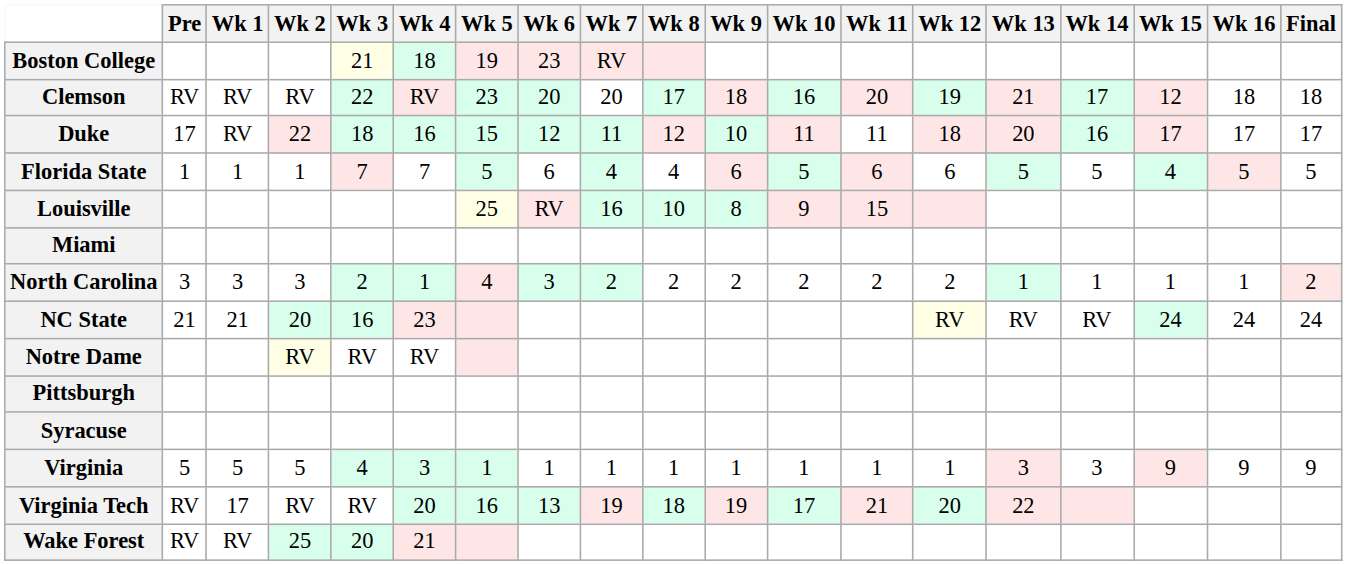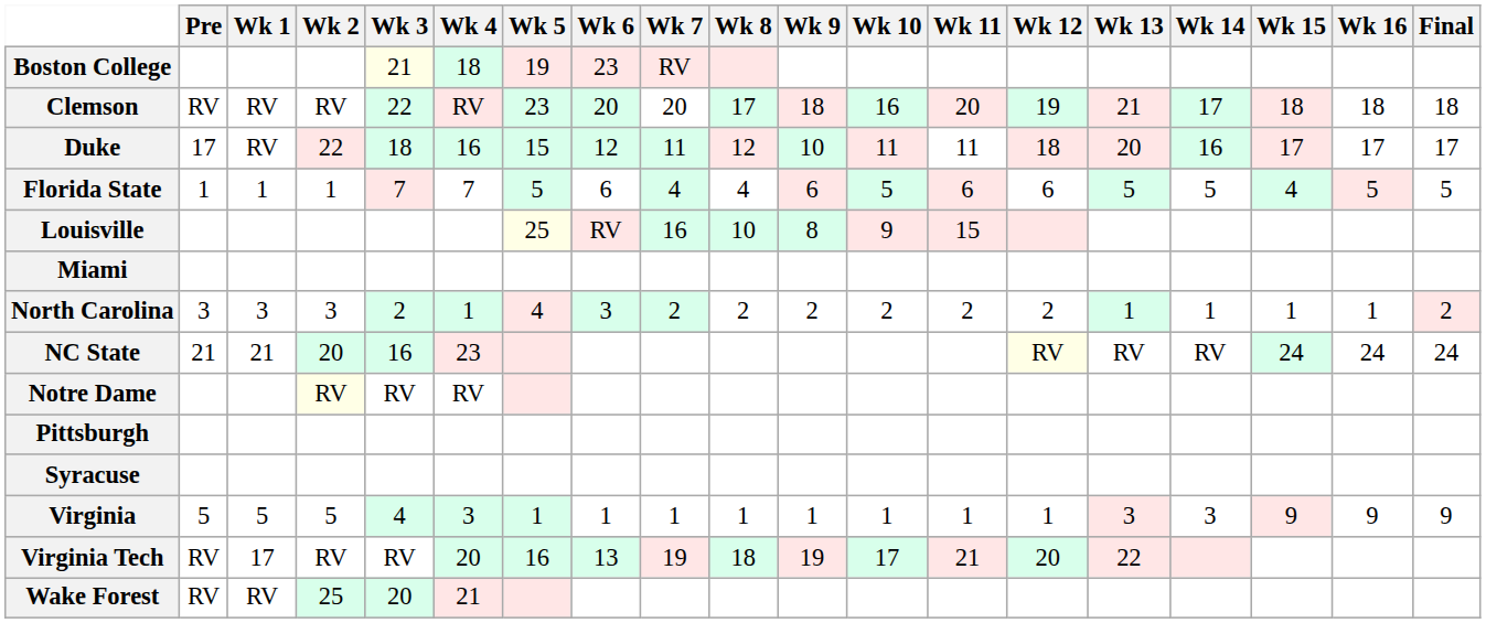 <table class="wikitable" style="white-space:nowrap;font-size:90%;">
 <tr>
 <th colspan=1 style="background:white; border-top-style:hidden; border-left-style:hidden;"> </th>
 <th>Pre <br></th>
 <th>Wk 1 <br></th>
 <th>Wk 2 <br></th>
 <th>Wk 3 <br></th>
 <th>Wk 4 <br></th>
 <th>Wk 5 <br></th>
 <th>Wk 6 <br></th>
 <th>Wk 7 <br></th>
 <th>Wk 8 <br></th>
 <th>Wk 9 <br></th>
 <th>Wk 10 <br></th>
 <th>Wk 11 <br></th>
 <th>Wk 12 <br></th>
 <th>Wk 13 <br></th>
 <th>Wk 14 <br></th>
 <th>Wk 15 <br></th>
 <th>Wk 16 <br></th>
 <th>Final <br></th>
 </tr>
 <tr style="text-align:center;">
 <th>Boston College</th>
 <td style="background:#FFF;"></td>
 <td style="background:#FFF;"></td>
 <td style="background:#FFF;"></td>
 <td style="background:#FFFFE6;"> 21</td>
 <td style="background:#D8FFEB;"> 18</td>
 <td style="background:#FFE6E6;"> 19</td>
 <td style="background:#FFE6E6;"> 23</td>
 <td style="background:#FFE6E6;"> RV</td>
 <td style="background:#FFE6E6;"></td>
 <td style="background:#FFF;"></td>
 <td style="background:#FFF;"></td>
 <td style="background:#FFF;"></td>
 <td style="background:#FFF;"></td>
 <td style="background:#FFF;"></td>
 <td style="background:#FFF;"></td>
 <td style="background:#FFF;"></td>
 <td style="background:#FFF;"></td>
 <td style="background:#FFF;"></td>
 </tr>
 <tr style="text-align:center;">
 <th>Clemson</th>
 <td style="background:#FFF;"> RV</td>
 <td style="background:#FFF;"> RV</td>
 <td style="background:#FFF;"> RV</td>
 <td style="background:#D8FFEB;"> 22</td>
 <td style="background:#FFE6E6;"> RV</td>
 <td style="background:#D8FFEB;"> 23</td>
 <td style="background:#D8FFEB;"> 20</td>
 <td style="background:#FFF;"> 20</td>
 <td style="background:#D8FFEB;"> 17</td>
 <td style="background:#FFE6E6;"> 18</td>
 <td style="background:#D8FFEB;"> 16</td>
 <td style="background:#FFE6E6;"> 20</td>
 <td style="background:#D8FFEB;"> 19</td>
 <td style="background:#FFE6E6;"> 21</td>
 <td style="background:#D8FFEB;"> 17</td>
-<td style="background:#FFE6E6;"> 12</td>
+<td style="background:#FFE6E6;"> 18</td>
 <td style="background:#FFF;"> 18</td>
 <td style="background:#FFF;"> 18</td>
 </tr>
 <tr style="text-align:center;">
 <th>Duke</th>
 <td style="background:#FFF;"> 17</td>
 <td style="background:#FFF;"> RV</td>
 <td style="background:#FFE6E6;"> 22</td>
 <td style="background:#D8FFEB;"> 18</td>
 <td style="background:#D8FFEB;"> 16</td>
 <td style="background:#D8FFEB;"> 15</td>
 <td style="background:#D8FFEB;"> 12</td>
 <td style="background:#D8FFEB;"> 11</td>
 <td style="background:#FFE6E6;"> 12</td>
 <td style="background:#D8FFEB;"> 10</td>
 <td style="background:#FFE6E6;"> 11</td>
 <td style="background:#FFF;"> 11</td>
 <td style="background:#FFE6E6;"> 18</td>
 <td style="background:#FFE6E6;"> 20</td>
 <td style="background:#D8FFEB;"> 16</td>
 <td style="background:#FFE6E6;"> 17</td>
 <td style="background:#FFF;"> 17</td>
 <td style="background:#FFF;"> 17</td>
 </tr>
 <tr style="text-align:center;">
 <th !>Florida State</th>
 <td style="background:#FFF;"> 1</td>
 <td style="background:#FFF;"> 1</td>
 <td style="background:#FFF;"> 1</td>
 <td style="background:#FFE6E6;"> 7</td>
 <td style="background:#FFF;"> 7</td>
 <td style="background:#D8FFEB;"> 5</td>
 <td style="background:#FFF;"> 6</td>
 <td style="background:#D8FFEB;"> 4</td>
 <td style="background:#FFF;"> 4</td>
 <td style="background:#FFE6E6;"> 6</td>
 <td style="background:#D8FFEB;"> 5</td>
 <td style="background:#FFE6E6;"> 6</td>
 <td style="background:#FFF;"> 6</td>
 <td style="background:#D8FFEB;"> 5</td>
 <td style="background:#FFF;"> 5</td>
 <td style="background:#D8FFEB;"> 4</td>
 <td style="background:#FFE6E6;"> 5</td>
 <td style="background:#FFF;"> 5</td>
 </tr>
 <tr style="text-align:center;">
 <th>Louisville</th>
 <td style="background:#FFF;"></td>
 <td style="background:#FFF;"></td>
 <td style="background:#FFF;"></td>
 <td style="background:#FFF;"></td>
 <td style="background:#FFF;"></td>
 <td style="background:#FFFFE6;"> 25</td>
 <td style="background:#FFE6E6;"> RV</td>
 <td style="background:#D8FFEB;"> 16</td>
 <td style="background:#D8FFEB;"> 10</td>
 <td style="background:#D8FFEB;"> 8</td>
 <td style="background:#FFE6E6;"> 9</td>
 <td style="background:#FFE6E6;"> 15</td>
 <td style="background:#FFE6E6;"></td>
 <td style="background:#FFF;"></td>
 <td style="background:#FFF;"></td>
 <td style="background:#FFF;"></td>
 <td style="background:#FFF;"></td>
 <td style="background:#FFF;"></td>
 </tr>
 <tr style="text-align:center;">
 <th>Miami</th>
 <td style="background:#FFF;"></td>
 <td style="background:#FFF;"></td>
 <td style="background:#FFF;"></td>
 <td style="background:#FFF;"></td>
 <td style="background:#FFF;"></td>
 <td style="background:#FFF;"></td>
 <td style="background:#FFF;"></td>
 <td style="background:#FFF;"></td>
 <td style="background:#FFF;"></td>
 <td style="background:#FFF;"></td>
 <td style="background:#FFF;"></td>
 <td style="background:#FFF;"></td>
 <td style="background:#FFF;"></td>
 <td style="background:#FFF;"></td>
 <td style="background:#FFF;"></td>
 <td style="background:#FFF;"></td>
 <td style="background:#FFF;"></td>
 <td style="background:#FFF;"></td>
 </tr>
 <tr style="text-align:center;">
 <th>North Carolina</th>
 <td style="background:#FFF;"> 3</td>
 <td style="background:#FFF;"> 3</td>
 <td style="background:#FFF;"> 3</td>
 <td style="background:#D8FFEB;"> 2</td>
 <td style="background:#D8FFEB;"> 1</td>
 <td style="background:#FFE6E6;"> 4</td>
 <td style="background:#D8FFEB;"> 3</td>
 <td style="background:#D8FFEB;"> 2</td>
 <td style="background:#FFF;"> 2</td>
 <td style="background:#FFF;"> 2</td>
 <td style="background:#FFF;"> 2</td>
 <td style="background:#FFF;"> 2</td>
 <td style="background:#FFF;"> 2</td>
 <td style="background:#D8FFEB;"> 1</td>
 <td style="background:#FFF;"> 1</td>
 <td style="background:#FFF;"> 1</td>
 <td style="background:#FFF;"> 1</td>
 <td style="background:#FFE6E6;"> 2</td>
 </tr>
 <tr style="text-align:center;">
 <th>NC State</th>
 <td style="background:#FFF;"> 21</td>
 <td style="background:#FFF;"> 21</td>
 <td style="background:#D8FFEB;"> 20</td>
 <td style="background:#D8FFEB;"> 16</td>
 <td style="background:#FFE6E6;"> 23</td>
 <td style="background:#FFE6E6;"></td>
 <td style="background:#FFF;"></td>
 <td style="background:#FFF;"></td>
 <td style="background:#FFF;"></td>
 <td style="background:#FFF;"></td>
 <td style="background:#FFF;"></td>
 <td style="background:#FFF;"></td>
 <td style="background:#FFFFE6;"> RV</td>
 <td style="background:#FFF;"> RV</td>
 <td style="background:#FFF;"> RV</td>
 <td style="background:#D8FFEB;"> 24</td>
 <td style="background:#FFF;"> 24</td>
 <td style="background:#FFF;"> 24</td>
 </tr>
 <tr style="text-align:center;">
 <th>Notre Dame</th>
 <td style="background:#FFF;"></td>
 <td style="background:#FFF;"></td>
 <td style="background:#FFFFE6;"> RV</td>
 <td style="background:#FFF;"> RV</td>
 <td style="background:#FFF;"> RV</td>
 <td style="background:#FFE6E6;"></td>
 <td style="background:#FFF;"></td>
 <td style="background:#FFF;"></td>
 <td style="background:#FFF;"></td>
 <td style="background:#FFF;"></td>
 <td style="background:#FFF;"></td>
 <td style="background:#FFF;"></td>
 <td style="background:#FFF;"></td>
 <td style="background:#FFF;"></td>
 <td style="background:#FFF;"></td>
 <td style="background:#FFF;"></td>
 <td style="background:#FFF;"></td>
 <td style="background:#FFF;"></td>
 </tr>
 <tr style="text-align:center;">
 <th>Pittsburgh</th>
 <td style="background:#FFF;"></td>
 <td style="background:#FFF;"></td>
 <td style="background:#FFF;"></td>
 <td style="background:#FFF;"></td>
 <td style="background:#FFF;"></td>
 <td style="background:#FFF;"></td>
 <td style="background:#FFF;"></td>
 <td style="background:#FFF;"></td>
 <td style="background:#FFF;"></td>
 <td style="background:#FFF;"></td>
 <td style="background:#FFF;"></td>
 <td style="background:#FFF;"></td>
 <td style="background:#FFF;"></td>
 <td style="background:#FFF;"></td>
 <td style="background:#FFF;"></td>
 <td style="background:#FFF;"></td>
 <td style="background:#FFF;"></td>
 <td style="background:#FFF;"></td>
 </tr>
 <tr style="text-align:center;">
 <th>Syracuse</th>
 <td style="background:#FFF;"></td>
 <td style="background:#FFF;"></td>
 <td style="background:#FFF;"></td>
 <td style="background:#FFF;"></td>
 <td style="background:#FFF;"></td>
 <td style="background:#FFF;"></td>
 <td style="background:#FFF;"></td>
 <td style="background:#FFF;"></td>
 <td style="background:#FFF;"></td>
 <td style="background:#FFF;"></td>
 <td style="background:#FFF;"></td>
 <td style="background:#FFF;"></td>
 <td style="background:#FFF;"></td>
 <td style="background:#FFF;"></td>
 <td style="background:#FFF;"></td>
 <td style="background:#FFF;"></td>
 <td style="background:#FFF;"></td>
 <td style="background:#FFF;"></td>
 </tr>
 <tr style="text-align:center;">
 <th>Virginia</th>
 <td style="background:#FFF;"> 5</td>
 <td style="background:#FFF;"> 5</td>
 <td style="background:#FFF;"> 5</td>
 <td style="background:#D8FFEB;"> 4</td>
 <td style="background:#D8FFEB;"> 3</td>
 <td style="background:#D8FFEB;"> 1</td>
 <td style="background:#FFF;"> 1</td>
 <td style="background:#FFF;"> 1</td>
 <td style="background:#FFF;"> 1</td>
 <td style="background:#FFF;"> 1</td>
 <td style="background:#FFF;"> 1</td>
 <td style="background:#FFF;"> 1</td>
 <td style="background:#FFF;"> 1</td>
 <td style="background:#FFE6E6;"> 3</td>
 <td style="background:#FFF;"> 3</td>
 <td style="background:#FFE6E6;"> 9</td>
 <td style="background:#FFF;"> 9</td>
 <td style="background:#FFF;"> 9</td>
 </tr>
 <tr style="text-align:center;">
 <th>Virginia Tech</th>
 <td style="background:#FFF;"> RV</td>
 <td style="background:#FFF;"> 17</td>
 <td style="background:#FFF;"> RV</td>
 <td style="background:#FFF;"> RV</td>
 <td style="background:#D8FFEB;"> 20</td>
 <td style="background:#D8FFEB;"> 16</td>
 <td style="background:#D8FFEB;"> 13</td>
 <td style="background:#FFE6E6;"> 19</td>
 <td style="background:#D8FFEB;"> 18</td>
 <td style="background:#FFE6E6;"> 19</td>
 <td style="background:#D8FFEB;"> 17</td>
 <td style="background:#FFE6E6;"> 21</td>
 <td style="background:#D8FFEB;"> 20</td>
 <td style="background:#FFE6E6;"> 22</td>
 <td style="background:#FFE6E6;"></td>
 <td style="background:#FFF;"></td>
 <td style="background:#FFF;"></td>
 <td style="background:#FFF;"></td>
 </tr>
 <tr style="text-align:center;">
 <th>Wake Forest</th>
 <td style="background:#FFF;"> RV</td>
 <td style="background:#FFF;"> RV</td>
 <td style="background:#D8FFEB;"> 25</td>
 <td style="background:#D8FFEB;"> 20</td>
 <td style="background:#FFE6E6;"> 21</td>
 <td style="background:#FFE6E6;"></td>
 <td style="background:#FFF;"></td>
 <td style="background:#FFF;"></td>
 <td style="background:#FFF;"></td>
 <td style="background:#FFF;"></td>
 <td style="background:#FFF;"></td>
 <td style="background:#FFF;"></td>
 <td style="background:#FFF;"></td>
 <td style="background:#FFF;"></td>
 <td style="background:#FFF;"></td>
 <td style="background:#FFF;"></td>
 <td style="background:#FFF;"></td>
 <td style="background:#FFF;"></td>
 </tr>
 </table>
